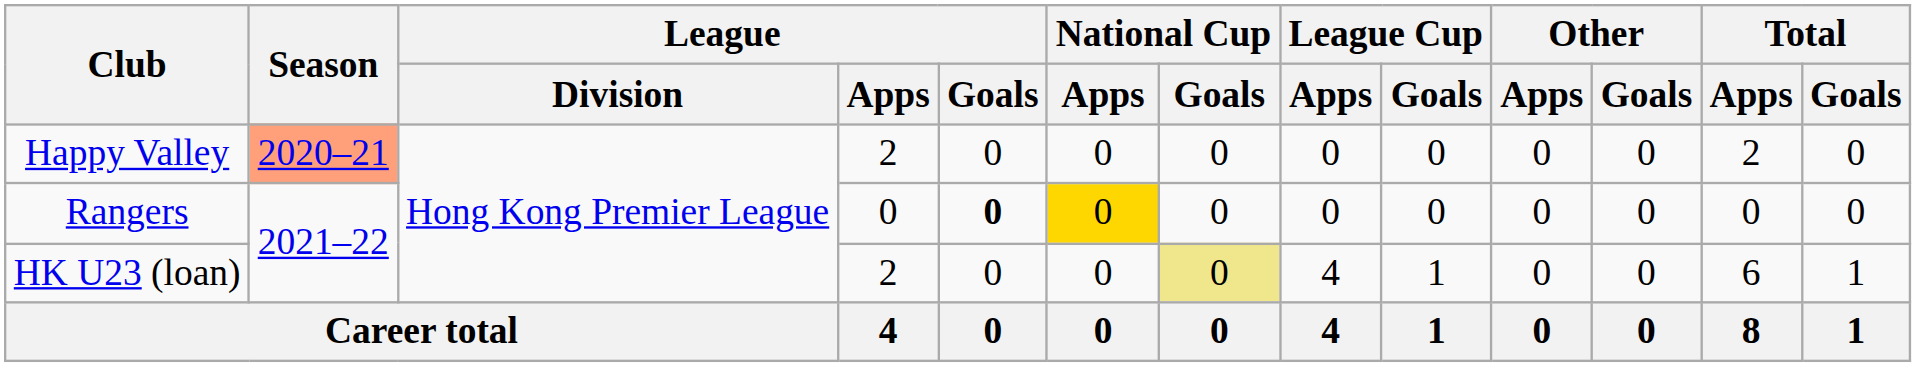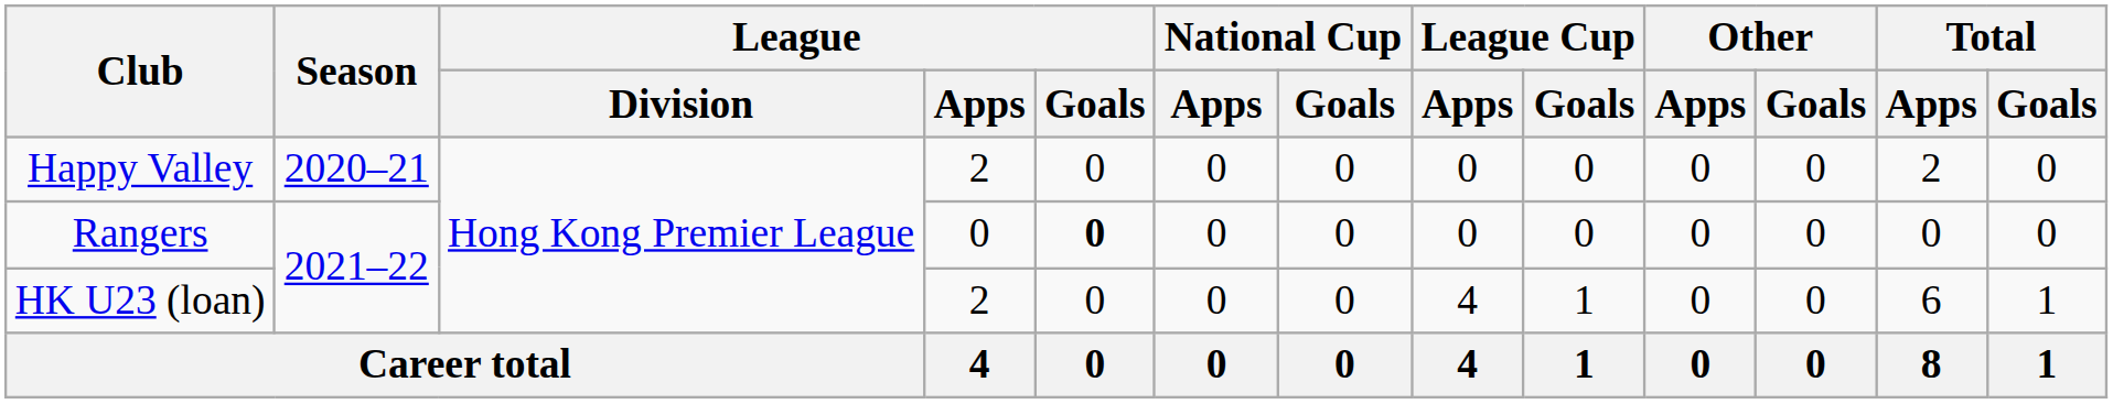 <table class="wikitable" style="text-align: center">
 <tr>
 <th rowspan="2">Club</th>
 <th rowspan="2">Season</th>
 <th colspan="3">League</th>
 <th colspan="2">National Cup</th>
 <th colspan="2">League Cup</th>
 <th colspan="2">Other</th>
 <th colspan="2">Total</th>
 </tr>
 <tr>
 <th>Division</th>
 <th>Apps</th>
 <th>Goals</th>
 <th>Apps</th>
 <th>Goals</th>
 <th>Apps</th>
 <th>Goals</th>
 <th>Apps</th>
 <th>Goals</th>
 <th>Apps</th>
 <th>Goals</th>
 </tr>
 <tr>
 <td><a href='#'>Happy Valley</a></td>
-<td style="background: lightsalmon;"><a href='#'>2020–21</a></td>
+<td><a href='#'>2020–21</a></td>
 <td rowspan="3"><a href='#'>Hong Kong Premier League</a></td>
 <td>2</td>
 <td>0</td>
 <td>0</td>
 <td>0</td>
 <td>0</td>
 <td>0</td>
 <td>0</td>
 <td>0</td>
 <td>2</td>
 <td>0</td>
 </tr>
 <tr>
 <td><a href='#'>Rangers</a></td>
 <td rowspan="2"><a href='#'>2021–22</a></td>
 <td>0</td>
 <td><strong>0</strong></td>
-<td style="background: gold;">0</td>
+<td>0</td>
 <td>0</td>
 <td>0</td>
 <td>0</td>
 <td>0</td>
 <td>0</td>
 <td>0</td>
 <td>0</td>
 </tr>
 <tr>
 <td><a href='#'>HK U23</a> (loan)</td>
 <td>2</td>
 <td>0</td>
 <td>0</td>
-<td style="background: khaki;">0</td>
+<td>0</td>
 <td>4</td>
 <td>1</td>
 <td>0</td>
 <td>0</td>
 <td>6</td>
 <td>1</td>
 </tr>
 <tr>
 <th colspan=3>Career total</th>
 <th>4</th>
 <th>0</th>
 <th>0</th>
 <th>0</th>
 <th>4</th>
 <th>1</th>
 <th>0</th>
 <th>0</th>
 <th>8</th>
 <th>1</th>
 </tr>
 </table>
